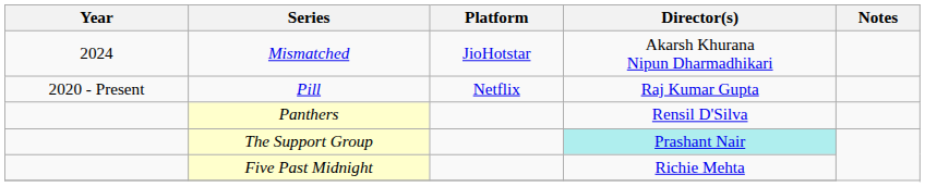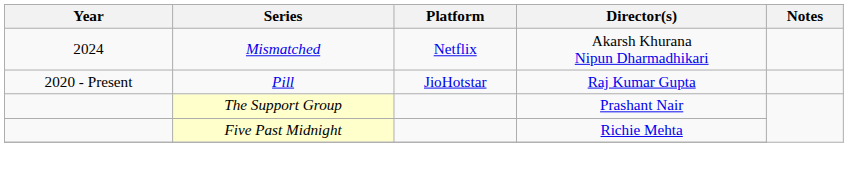 <table class="wikitable" style="width: 100%; text-align: center;">
 <tr>
 <th>Year</th>
 <th>Series</th>
 <th>Platform</th>
 <th>Director(s)</th>
 <th>Notes</th>
 </tr>
 <tr>
 <td>2024</td>
 <td><em><a href='#'>Mismatched</a></em></td>
-<td><a href='#'>JioHotstar</a></td>
+<td><a href='#'>Netflix</a></td>
 <td>Akarsh Khurana <br> <a href='#'>Nipun Dharmadhikari</a></td>
 <td></td>
 </tr>
 <tr>
 <td>2020 - Present</td>
 <td><em><a href='#'>Pill</a></em></td>
-<td><a href='#'>Netflix</a></td>
+<td><a href='#'>JioHotstar</a></td>
 <td><a href='#'>Raj Kumar Gupta</a></td>
-<td></td>
-</tr>
-<tr>
-<td></td>
-<td style="background:#FFFFCC;"><em>Panthers</em> </td>
-<td></td>
-<td><a href='#'>Rensil D'Silva</a></td>
 <td></td>
 </tr>
 <tr>
 <td></td>
 <td style="background:#FFFFCC;"><em>The Support Group</em> </td>
 <td></td>
-<td style="background: paleturquoise;"><a href='#'>Prashant Nair</a></td>
+<td><a href='#'>Prashant Nair</a></td>
 </tr>
 <tr>
 <td></td>
 <td style="background:#FFFFCC;"><em>Five Past Midnight</em> </td>
 <td></td>
 <td><a href='#'>Richie Mehta</a></td>
 </tr>
 <tr>
 </tr>
 </table>
